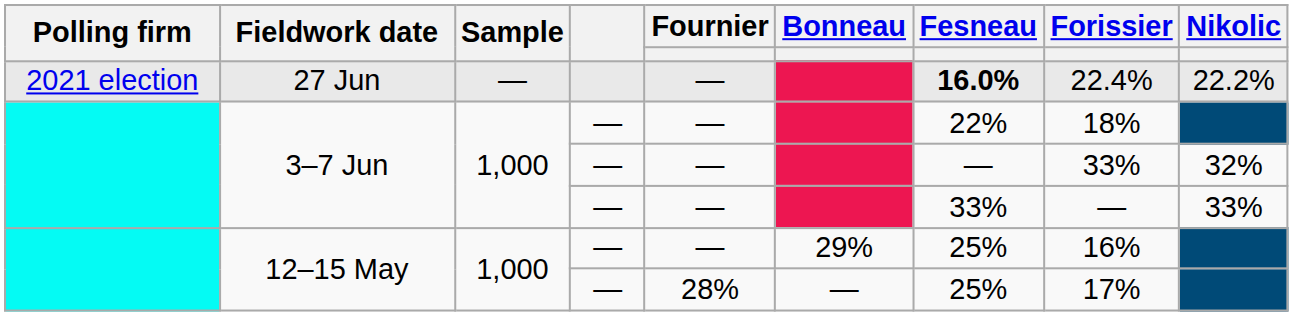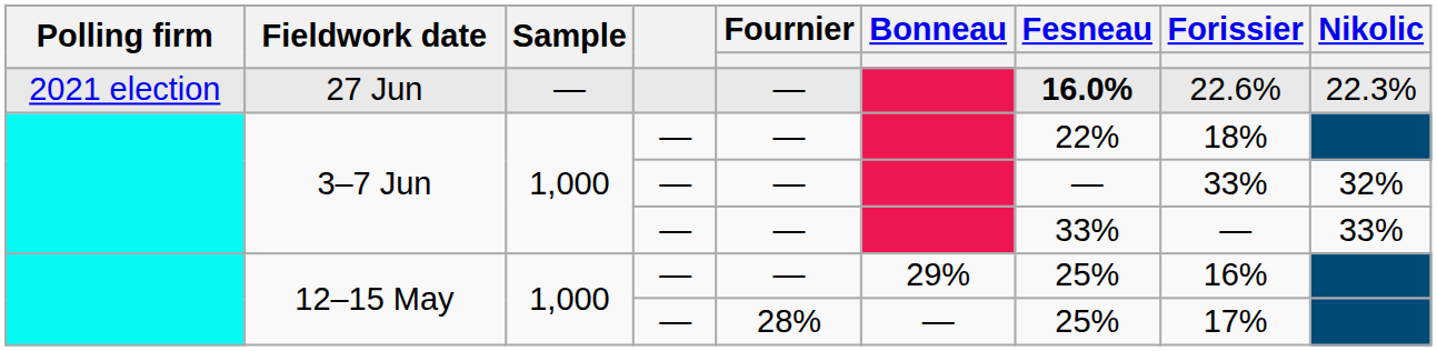 <table class="wikitable" style="text-align:center;font-size:90%;line-height:14px;">
 <tr>
 <th rowspan="2" style="width:100px;">Polling firm</th>
 <th rowspan="2" style="width:110px;">Fieldwork date</th>
 <th rowspan="2" style="width:35px;">Sample</th>
 <th rowspan="2" style="width:30px;"></th>
 <th>Fournier<br></th>
 <th><a href='#'>Bonneau</a><br></th>
 <th><a href='#'>Fesneau</a><br></th>
 <th><a href='#'>Forissier</a><br></th>
 <th><a href='#'>Nikolic</a><br></th>
 </tr>
 <tr>
 <th style="background:"></th>
 <th style="background:"></th>
 <th style="background:"></th>
 <th style="background:"></th>
 <th style="background:"></th>
 </tr>
 <tr style="background:#E9E9E9;">
 <td><a href='#'>2021 election</a></td>
 <td data-sort-value="2021-06-27">27 Jun</td>
 <td>—</td>
 <td></td>
 <td>—</td>
 <td style="background:#ED1651;"></td>
 <td><strong>16.0%</strong></td>
-<td>22.4%</td>
-<td>22.2%</td>
+<td>22.6%</td>
+<td>22.3%</td>
 </tr>
 <tr>
 <td rowspan="3" style="background:#04FBF4;"></td>
 <td rowspan="3" data-sort-value="2021-06-07">3–7 Jun</td>
 <td rowspan="3">1,000</td>
 <td>—</td>
 <td>—</td>
 <td style="background:#ED1651;"></td>
 <td>22%</td>
 <td>18%</td>
 <td style="background:#004A77;"></td>
 </tr>
 <tr>
 <td>—</td>
 <td>—</td>
 <td style="background:#ED1651;"></td>
 <td>—</td>
 <td>33%</td>
 <td>32%</td>
 </tr>
 <tr>
 <td>—</td>
 <td>—</td>
 <td style="background:#ED1651;"></td>
 <td>33%</td>
 <td>—</td>
 <td>33%</td>
 </tr>
 <tr>
 <td rowspan=2 style="background:#04FBF4;"></td>
 <td rowspan=2 data-sort-value="2021-05-10">12–15 May</td>
 <td rowspan=2>1,000</td>
 <td>—</td>
 <td>—</td>
 <td>29%</td>
 <td>25%</td>
 <td>16%</td>
 <td style="background:#004A77;"></td>
 </tr>
 <tr>
 <td>—</td>
 <td>28%</td>
 <td>—</td>
 <td>25%</td>
 <td>17%</td>
 <td style="background:#004A77;"></td>
 </tr>
 </table>
